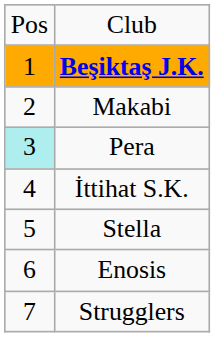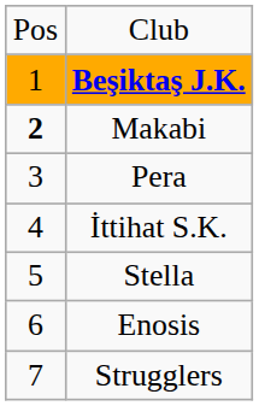 <table class="wikitable" style="text-align: center;">
 <tr>
 <td>Pos</td>
 <td>Club</td>
 </tr>
 <tr style="background: #FFAA00;">
 <td>1</td>
 <td><strong><a href='#'>Beşiktaş J.K.</a></strong></td>
 </tr>
 <tr>
-<td>2</td>
+<td><strong>2</strong></td>
 <td>Makabi</td>
 </tr>
 <tr>
-<td style="background: paleturquoise;">3</td>
+<td>3</td>
 <td>Pera</td>
 </tr>
 <tr>
 <td>4</td>
 <td>İttihat S.K.</td>
 </tr>
 <tr>
 <td>5</td>
 <td>Stella</td>
 </tr>
 <tr>
 <td>6</td>
 <td>Enosis</td>
 </tr>
 <tr>
 <td>7</td>
 <td>Strugglers</td>
 </tr>
 </table>
